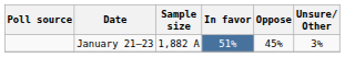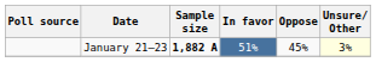 <table class="wikitable sortable collapsible" style="text-align:center;line-height:17px">
 <tr>
 <th>Poll source</th>
 <th>Date</th>
 <th>Sample<br>size</th>
 <th>In favor</th>
 <th>Oppose</th>
 <th>Unsure/<br>Other</th>
 </tr>
 <tr>
 <td></td>
 <td>January 21–23</td>
-<td>1,882 A</td>
+<td><strong>1,882 A</strong></td>
 <td style="background:#47729E; color: white">51%</td>
 <td>45%</td>
-<td>3%</td>
+<td style="background: lightyellow;">3%</td>
 </tr>
 <tr>
 </tr>
 </table>
